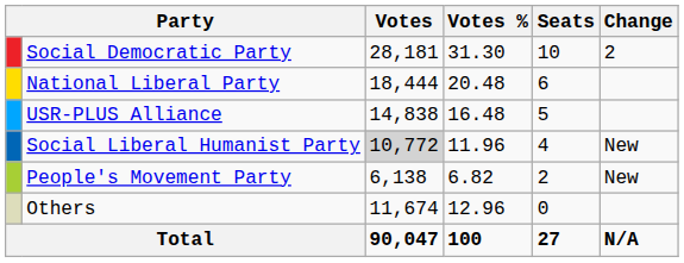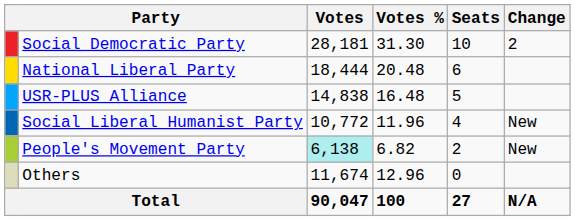 <table class="wikitable">
 <tr>
 <th colspan="2">Party</th>
 <th>Votes</th>
 <th>Votes %</th>
 <th>Seats</th>
 <th>Change</th>
 </tr>
 <tr>
 <td style="background:#ed2128;" width="5"></td>
 <td><a href='#'>Social Democratic Party</a></td>
 <td>28,181</td>
 <td>31.30</td>
 <td>10</td>
 <td>2</td>
 </tr>
 <tr>
 <td style="background:#ffdd00;" width="5"></td>
 <td><a href='#'>National Liberal Party</a></td>
 <td>18,444</td>
 <td>20.48</td>
 <td>6</td>
 <td></td>
 </tr>
 <tr>
 <td style="background:#00a6ff;" width="5"></td>
 <td><a href='#'>USR-PLUS Alliance</a></td>
 <td>14,838</td>
 <td>16.48</td>
 <td>5</td>
 <td></td>
 </tr>
 <tr>
 <td style="background:#0066B6;" width="5"></td>
 <td><a href='#'>Social Liberal Humanist Party</a></td>
-<td style="background: lightgrey;">10,772</td>
+<td>10,772</td>
 <td>11.96</td>
 <td>4</td>
 <td>New</td>
 </tr>
 <tr>
 <td style="background:#a7cf35;" width="5"></td>
 <td><a href='#'>People's Movement Party</a></td>
-<td>6,138</td>
+<td style="background: paleturquoise;">6,138</td>
 <td>6.82</td>
 <td>2</td>
 <td>New</td>
 </tr>
 <tr>
 <td style="background:#ddddbb;" width="5"></td>
 <td>Others</td>
 <td>11,674</td>
 <td>12.96</td>
 <td>0</td>
 <td></td>
 </tr>
 <tr>
 <th colspan="2">Total</th>
 <td><strong>90,047</strong></td>
 <td><strong>100</strong></td>
 <td><strong>27</strong></td>
 <td><strong>N/A</strong></td>
 </tr>
 </table>
